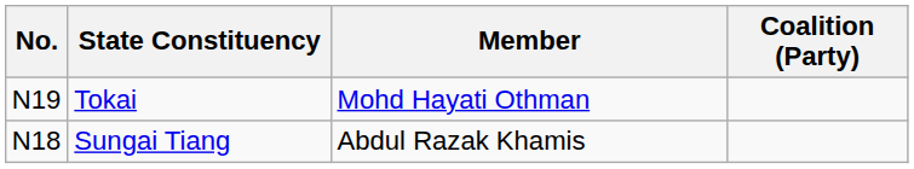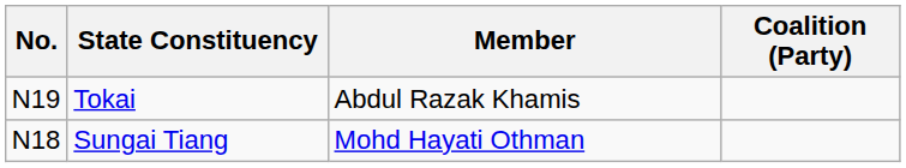 <table class="wikitable">
 <tr>
 <th width="30">No.</th>
 <th width="150">State Constituency</th>
 <th width="230">Member</th>
 <th width="100">Coalition (Party)</th>
 </tr>
 <tr>
 <td>N19</td>
 <td><a href='#'>Tokai</a></td>
-<td><a href='#'>Mohd Hayati Othman</a></td>
+<td>Abdul Razak Khamis</td>
 <td></td>
 </tr>
 <tr>
 <td>N18</td>
 <td><a href='#'>Sungai Tiang</a></td>
-<td>Abdul Razak Khamis</td>
+<td><a href='#'>Mohd Hayati Othman</a></td>
 <td></td>
 </tr>
 </table>
